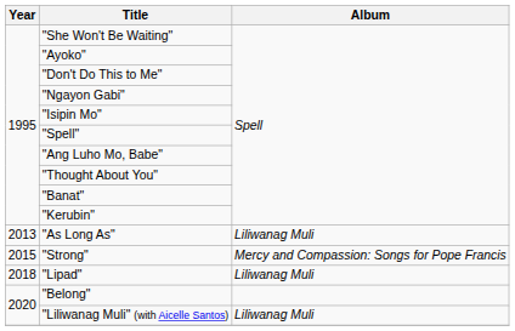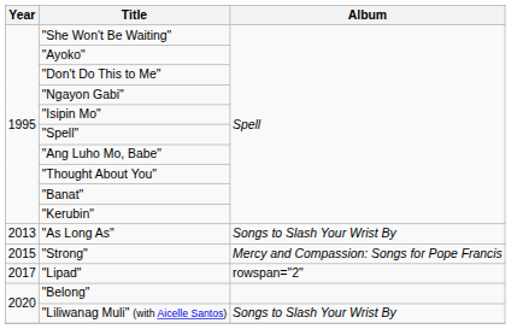 <table class="wikitable">
 <tr>
 <th><strong>Year</strong></th>
 <th><strong>Title</strong></th>
 <th><strong>Album</strong></th>
 </tr>
 <tr>
 <td rowspan="10">1995</td>
 <td>"She Won't Be Waiting"</td>
 <td rowspan="10"><em>Spell</em></td>
 </tr>
 <tr>
 <td>"Ayoko"</td>
 </tr>
 <tr>
 <td>"Don't Do This to Me"</td>
 </tr>
 <tr>
 <td>"Ngayon Gabi"</td>
 </tr>
 <tr>
 <td>"Isipin Mo"</td>
 </tr>
 <tr>
 <td>"Spell"</td>
 </tr>
 <tr>
 <td>"Ang Luho Mo, Babe"</td>
 </tr>
 <tr>
 <td>"Thought About You"</td>
 </tr>
 <tr>
 <td>"Banat"</td>
 </tr>
 <tr>
 <td>"Kerubin"</td>
 </tr>
 <tr>
 <td>2013</td>
 <td>"As Long As"</td>
-<td><em>Liliwanag Muli</em></td>
+<td><em>Songs to Slash Your Wrist By</em></td>
 </tr>
 <tr>
 <td>2015</td>
 <td>"Strong"</td>
 <td><em>Mercy and Compassion: Songs for Pope Francis</em></td>
 </tr>
 <tr>
-<td>2018</td>
+<td>2017</td>
 <td>"Lipad"</td>
-<td><em>Liliwanag Muli</em></td>
+<td>rowspan="2" </td>
 </tr>
 <tr>
 <td rowspan="2">2020</td>
 <td>"Belong"</td>
 </tr>
 <tr>
 <td>"Liliwanag Muli" <small>(with <a href='#'>Aicelle Santos</a>)</small></td>
-<td><em>Liliwanag Muli</em></td>
+<td><em>Songs to Slash Your Wrist By</em></td>
 </tr>
 <tr>
 </tr>
 </table>
